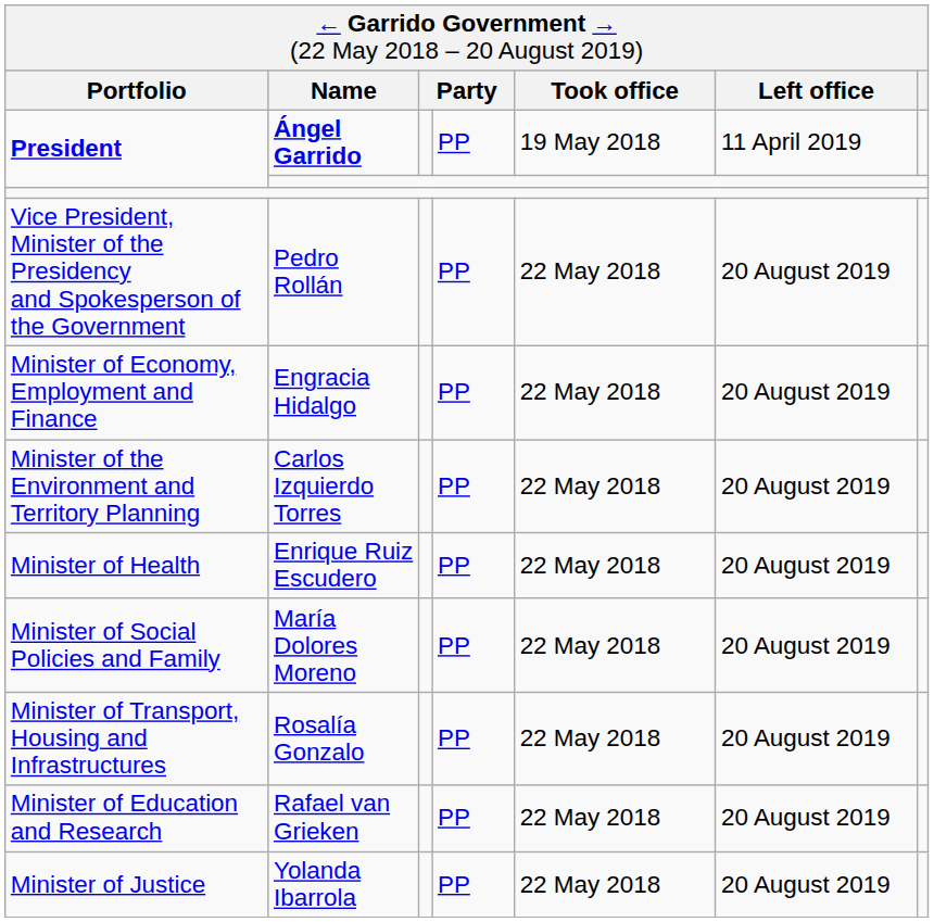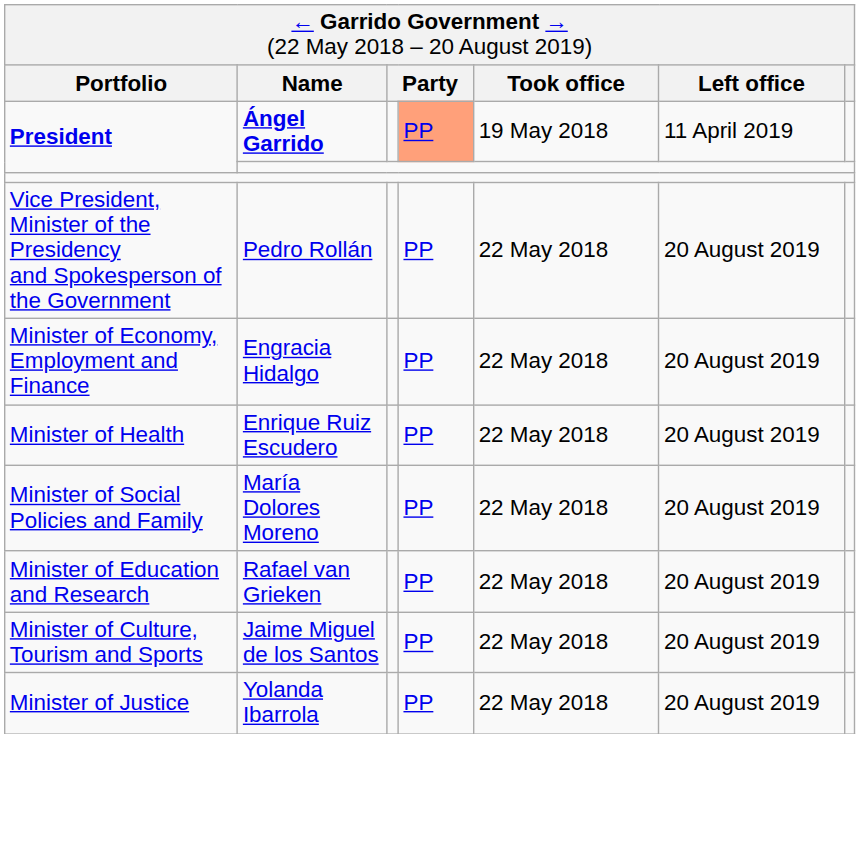 <table class="wikitable">
 <tr>
 <td colspan="7" bgcolor="#F2F2F2" align="center"><a href='#'>←</a> <strong>Garrido Government</strong> <a href='#'>→</a><br>(22 May 2018 – 20 August 2019)</td>
 </tr>
 <tr>
 <th>Portfolio</th>
 <th>Name</th>
 <th width="100px" colspan="2">Party</th>
 <th width="125px">Took office</th>
 <th width="125px">Left office</th>
 <th></th>
 </tr>
 <tr>
 <td rowspan="2"><strong><a href='#'>President</a></strong></td>
 <td><strong><a href='#'>Ángel Garrido</a></strong></td>
 <td width="1" style="background-color:"></td>
-<td><a href='#'>PP</a></td>
+<td style="background: lightsalmon;"><a href='#'>PP</a></td>
 <td>19 May 2018</td>
 <td>11 April 2019</td>
 <td align="center"></td>
 </tr>
 <tr>
 <td colspan="6"></td>
 </tr>
 <tr>
 <td colspan="7"></td>
 </tr>
 <tr>
 <td><a href='#'>Vice President, Minister of the Presidency<br>and Spokesperson of the Government</a></td>
 <td><a href='#'>Pedro Rollán</a></td>
 <td style="background-color:"></td>
 <td><a href='#'>PP</a></td>
 <td>22 May 2018</td>
 <td>20 August 2019</td>
 <td align="center"></td>
 </tr>
 <tr>
 <td><a href='#'>Minister of Economy, Employment and Finance</a></td>
 <td><a href='#'>Engracia Hidalgo</a></td>
 <td style="background-color:"></td>
 <td><a href='#'>PP</a></td>
 <td>22 May 2018</td>
 <td>20 August 2019</td>
 <td align="center"></td>
 </tr>
 <tr>
-<td><a href='#'>Minister of the Environment and Territory Planning</a></td>
-<td><a href='#'>Carlos Izquierdo Torres</a></td>
-<td style="background-color:"></td>
-<td><a href='#'>PP</a></td>
-<td>22 May 2018</td>
-<td>20 August 2019</td>
-<td align="center"></td>
-</tr>
-<tr>
 <td><a href='#'>Minister of Health</a></td>
 <td><a href='#'>Enrique Ruiz Escudero</a></td>
 <td style="background-color:"></td>
 <td><a href='#'>PP</a></td>
 <td>22 May 2018</td>
 <td>20 August 2019</td>
 <td align="center"></td>
 </tr>
 <tr>
 <td><a href='#'>Minister of Social Policies and Family</a></td>
 <td><a href='#'>María Dolores Moreno</a></td>
 <td style="background-color:"></td>
 <td><a href='#'>PP</a> </td>
 <td>22 May 2018</td>
 <td>20 August 2019</td>
 <td align="center"></td>
 </tr>
 <tr>
-<td><a href='#'>Minister of Transport, Housing and Infrastructures</a></td>
-<td><a href='#'>Rosalía Gonzalo</a></td>
+<td><a href='#'>Minister of Education and Research</a></td>
+<td><a href='#'>Rafael van Grieken</a></td>
 <td style="background-color:"></td>
-<td><a href='#'>PP</a></td>
+<td><a href='#'>PP</a> </td>
 <td>22 May 2018</td>
 <td>20 August 2019</td>
 <td align="center"></td>
 </tr>
 <tr>
-<td><a href='#'>Minister of Education and Research</a></td>
-<td><a href='#'>Rafael van Grieken</a></td>
+<td><a href='#'>Minister of Culture, Tourism and Sports</a></td>
+<td><a href='#'>Jaime Miguel de los Santos</a></td>
 <td style="background-color:"></td>
 <td><a href='#'>PP</a> </td>
 <td>22 May 2018</td>
 <td>20 August 2019</td>
 <td align="center"></td>
 </tr>
 <tr>
 <td><a href='#'>Minister of Justice</a></td>
 <td><a href='#'>Yolanda Ibarrola</a></td>
 <td style="background-color:"></td>
 <td><a href='#'>PP</a> </td>
 <td>22 May 2018</td>
 <td>20 August 2019</td>
 <td align="center"></td>
 </tr>
 </table>
